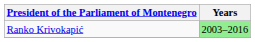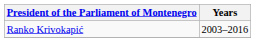 <table class=wikitable>
 <tr>
 <th><a href='#'>President of the Parliament of Montenegro</a></th>
 <th>Years</th>
 </tr>
 <tr>
 <td><a href='#'>Ranko Krivokapić</a></td>
-<td style="background: lightgreen;">2003–2016</td>
+<td>2003–2016</td>
 </tr>
 <tr>
 </tr>
 </table>
